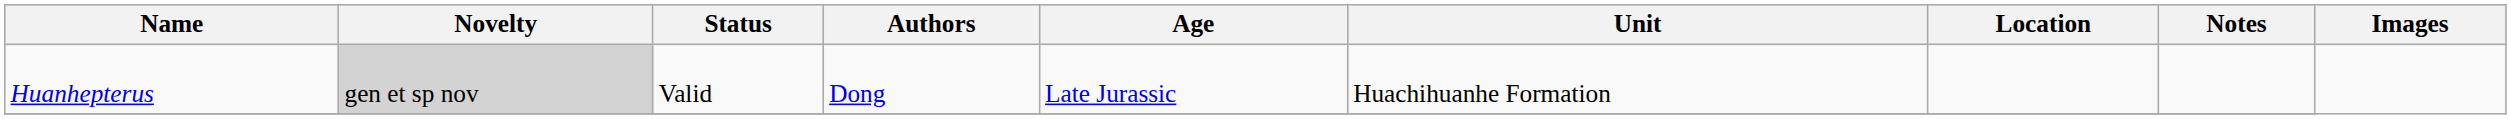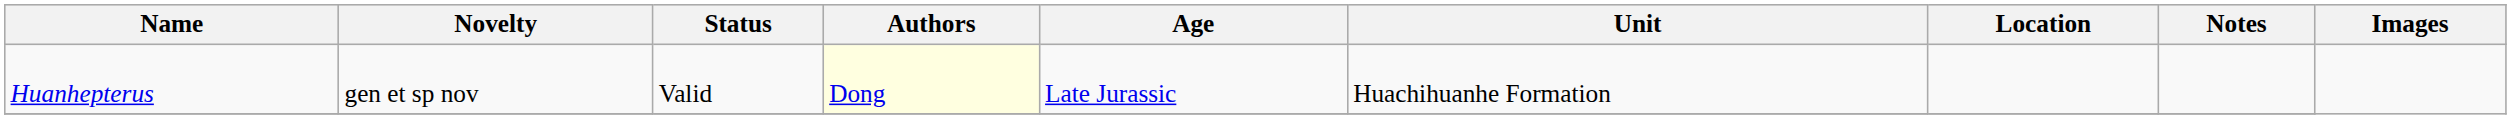 <table class="wikitable sortable" align="center" width="100%">
 <tr>
 <th>Name</th>
 <th>Novelty</th>
 <th>Status</th>
 <th>Authors</th>
 <th>Age</th>
 <th>Unit</th>
 <th>Location</th>
 <th>Notes</th>
 <th>Images</th>
 </tr>
 <tr>
 <td><br><em><a href='#'>Huanhepterus</a></em></td>
-<td style="background: lightgrey;"><br>gen et sp nov</td>
+<td><br>gen et sp nov</td>
 <td><br>Valid</td>
-<td><br><a href='#'>Dong</a></td>
+<td style="background: lightyellow;"><br><a href='#'>Dong</a></td>
 <td><br><a href='#'>Late Jurassic</a></td>
 <td><br>Huachihuanhe Formation</td>
 <td><br></td>
 <td></td>
 </tr>
 <tr>
 </tr>
 </table>
